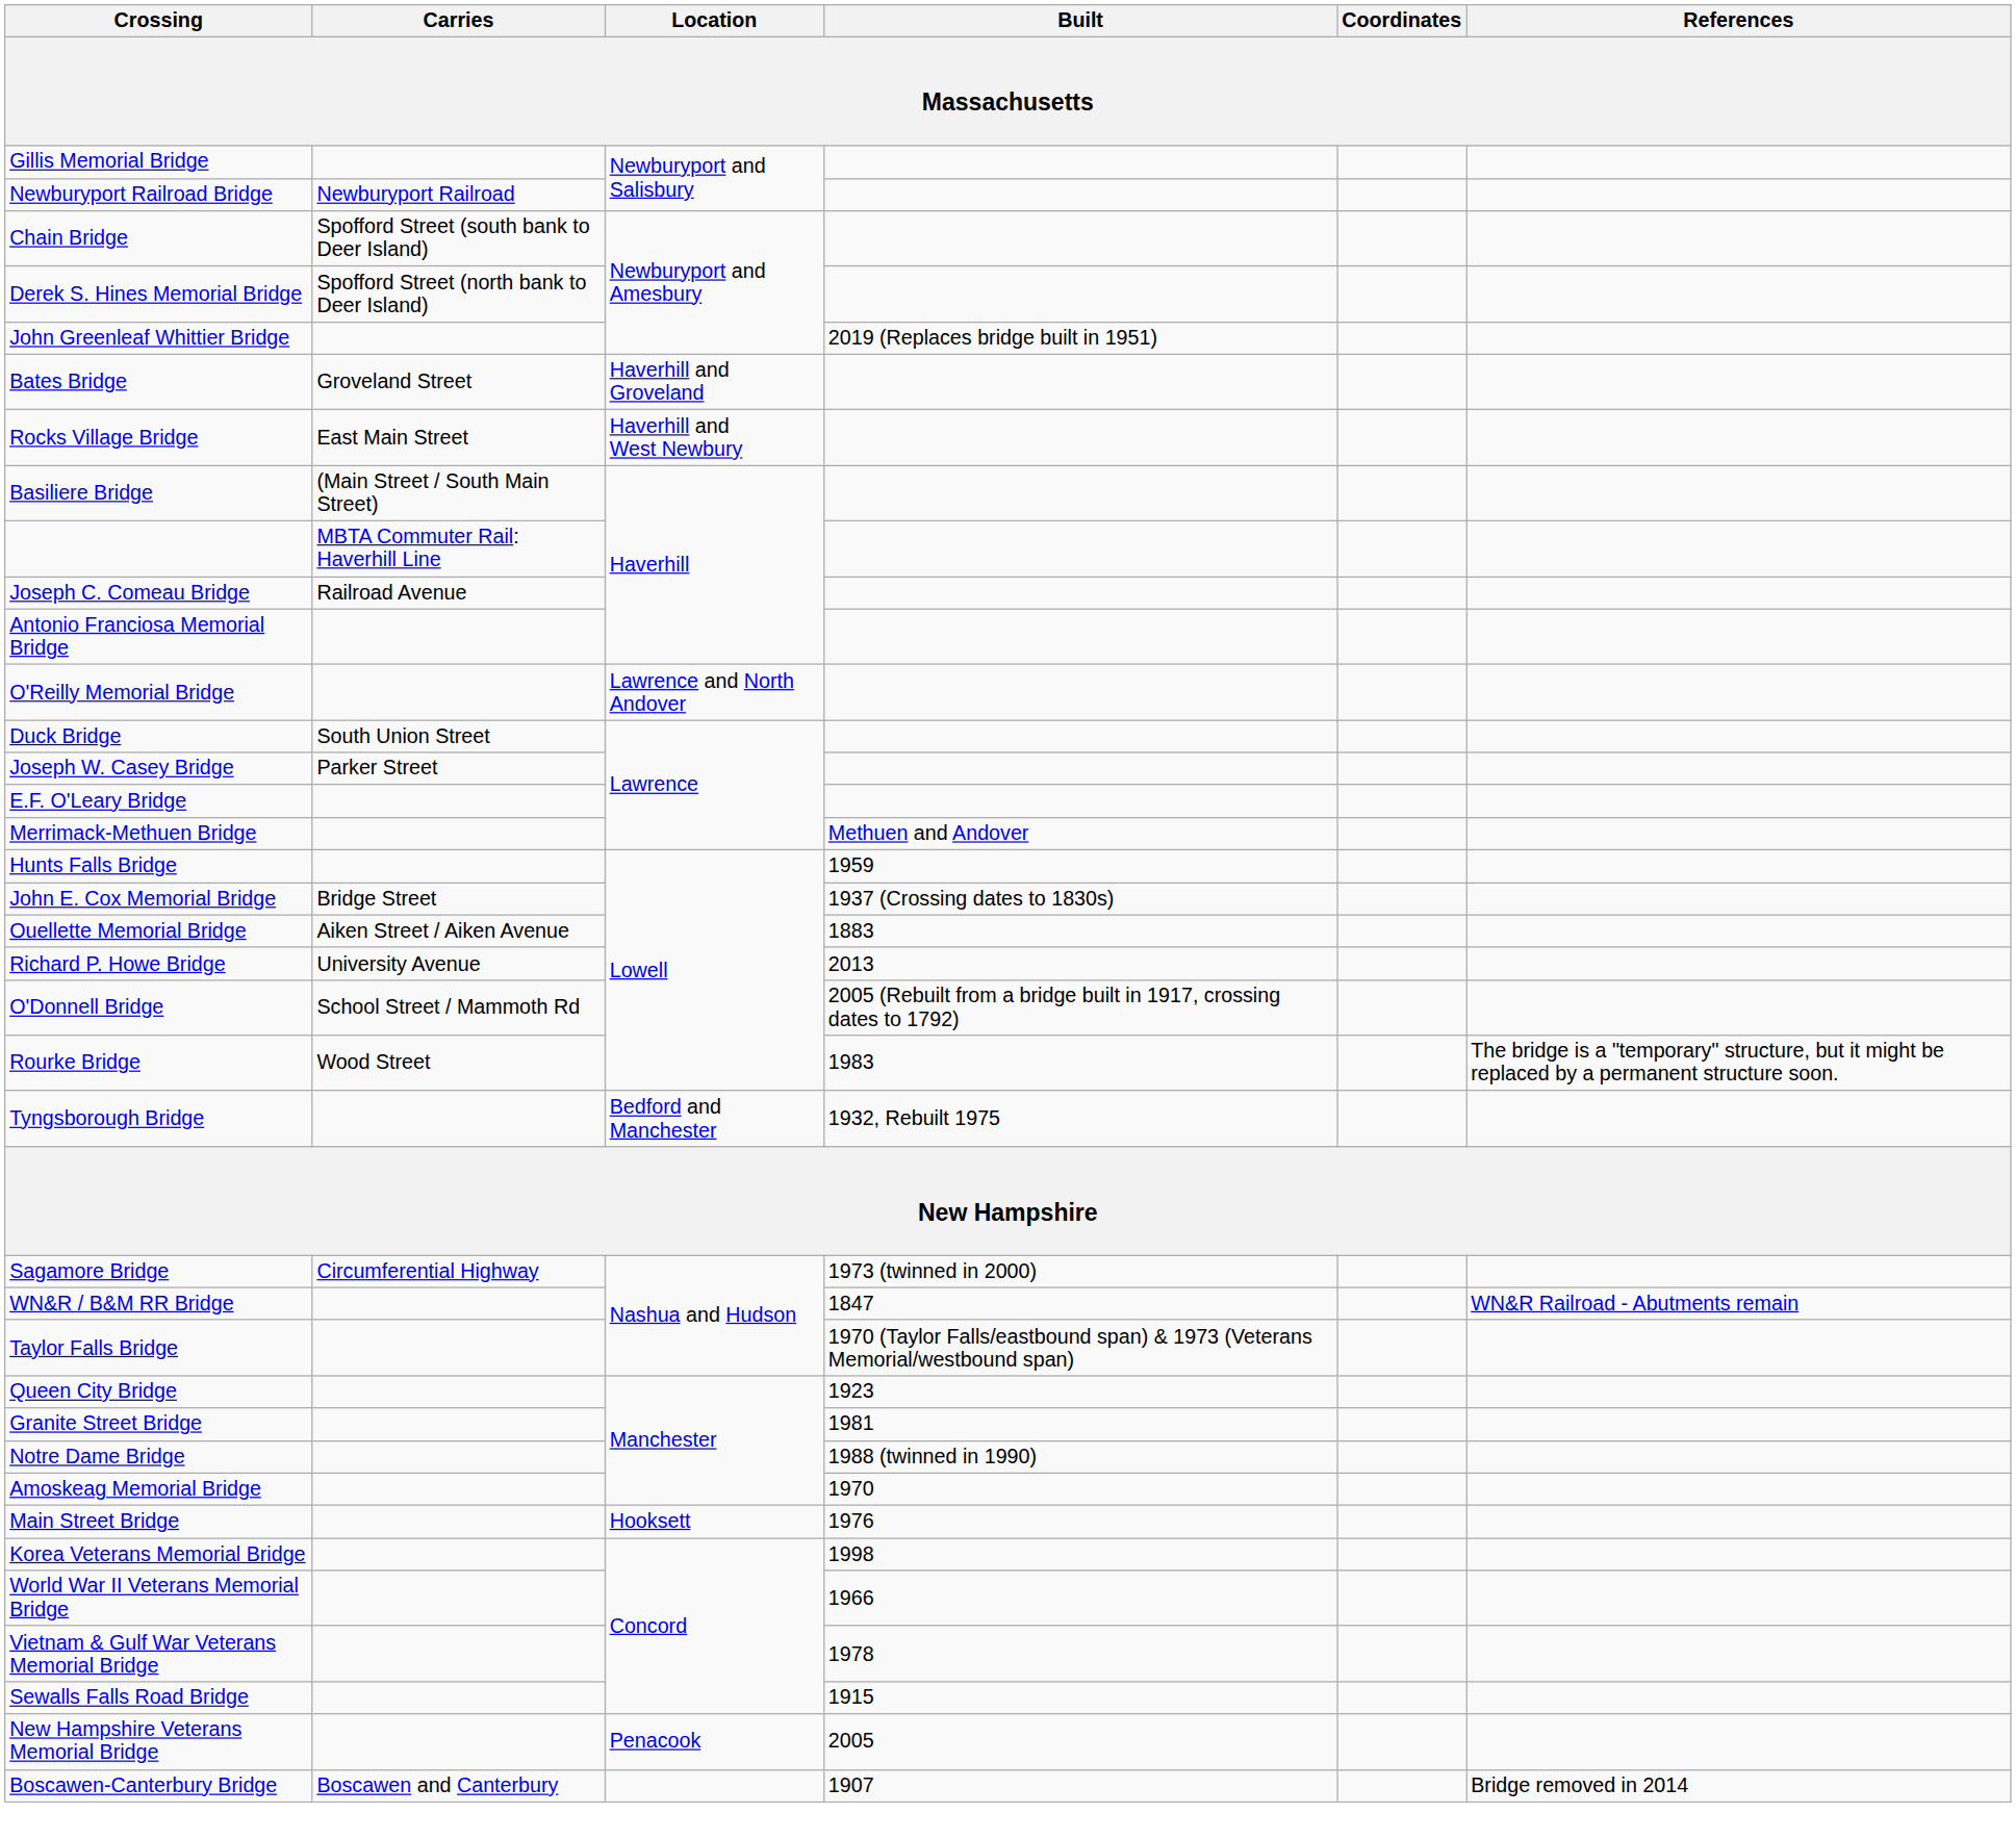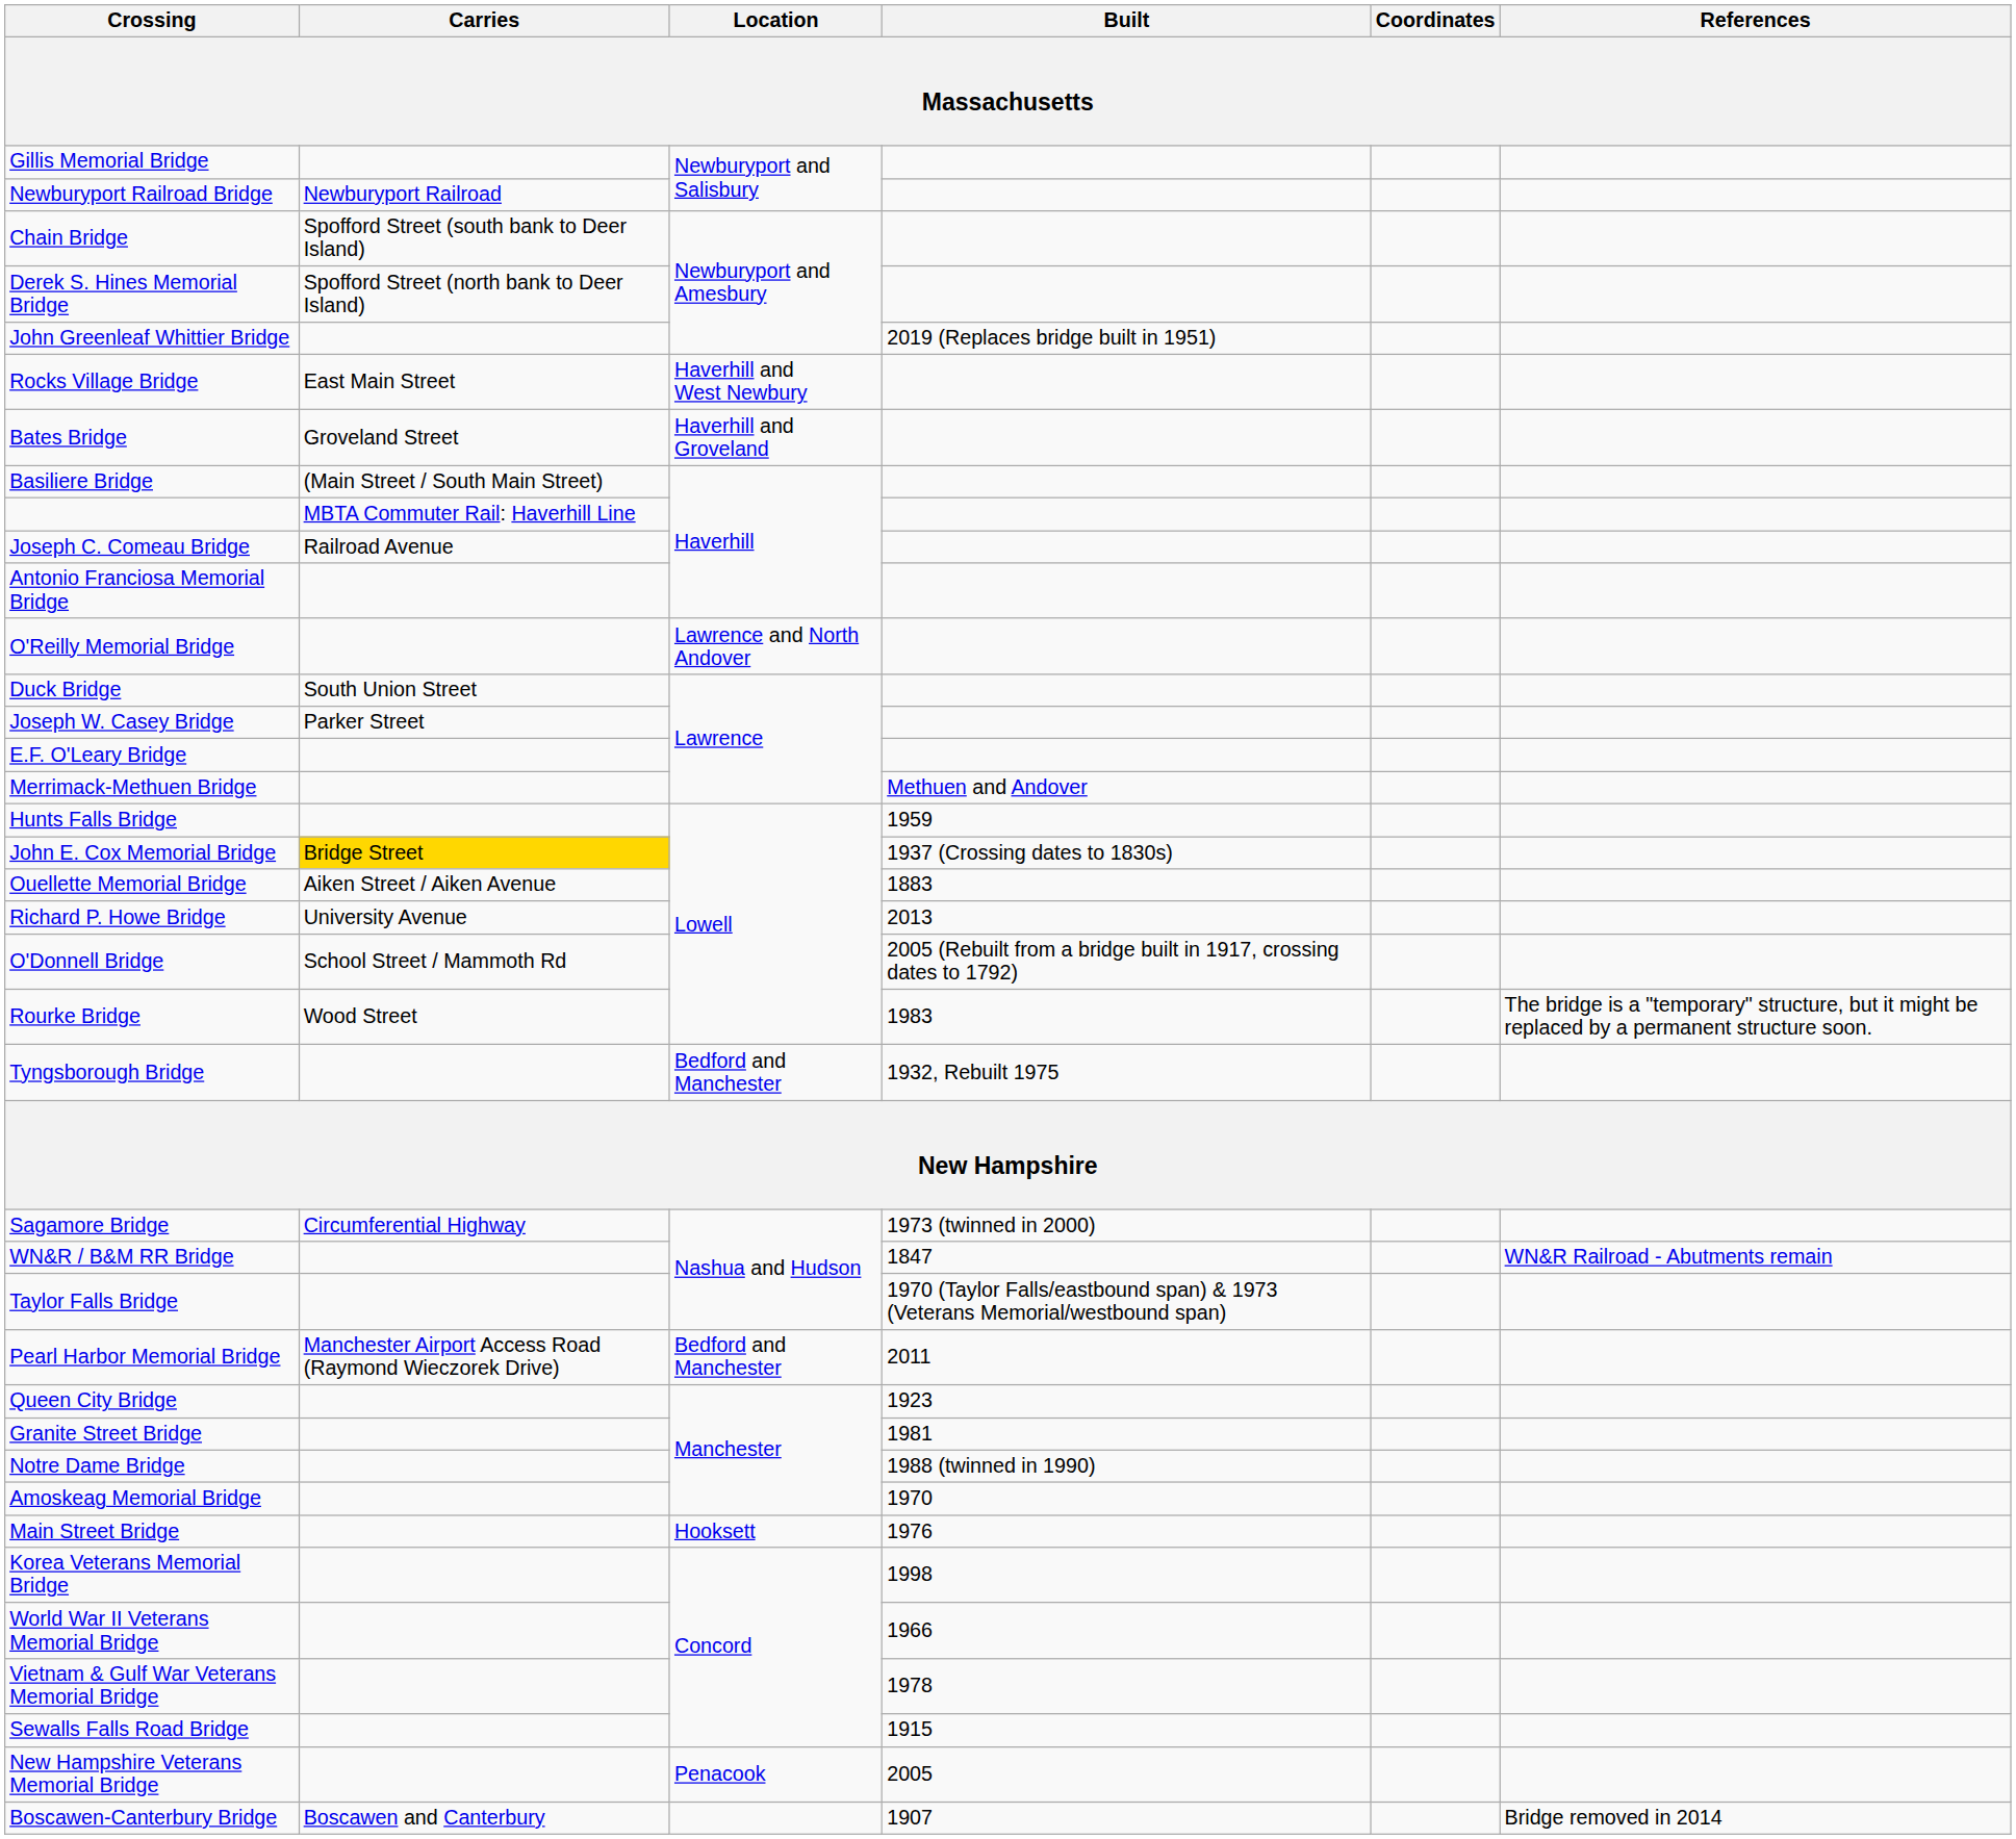 <table class=wikitable>
 <tr>
 <th>Crossing</th>
 <th>Carries</th>
 <th>Location</th>
 <th>Built</th>
 <th>Coordinates</th>
 <th>References</th>
 </tr>
 <tr>
 <th colspan=6><br><h3>Massachusetts</h3></th>
 </tr>
 <tr>
 <td><a href='#'>Gillis Memorial Bridge</a></td>
 <td></td>
 <td rowspan=2><a href='#'>Newburyport</a> and <a href='#'>Salisbury</a></td>
 <td></td>
 <td></td>
 <td></td>
 </tr>
 <tr>
 <td><a href='#'>Newburyport Railroad Bridge</a></td>
 <td><a href='#'>Newburyport Railroad</a></td>
 <td></td>
 <td></td>
 <td></td>
 </tr>
 <tr>
 <td><a href='#'>Chain Bridge</a></td>
 <td>Spofford Street (south bank to Deer Island)</td>
 <td rowspan=3><a href='#'>Newburyport</a> and <a href='#'>Amesbury</a></td>
 <td></td>
 <td></td>
 <td></td>
 </tr>
 <tr>
 <td><a href='#'>Derek S. Hines Memorial Bridge</a></td>
 <td>Spofford Street (north bank to Deer Island)</td>
 <td></td>
 <td></td>
 <td></td>
 </tr>
 <tr>
 <td><a href='#'>John Greenleaf Whittier Bridge</a></td>
 <td></td>
 <td>2019 (Replaces bridge built in 1951)</td>
 <td></td>
 <td></td>
 </tr>
 <tr>
-<td><a href='#'>Bates Bridge</a></td>
-<td>Groveland Street</td>
-<td><a href='#'>Haverhill</a> and <a href='#'>Groveland</a></td>
+<td><a href='#'>Rocks Village Bridge</a></td>
+<td>East Main Street</td>
+<td><a href='#'>Haverhill</a> and <a href='#'>West Newbury</a></td>
 <td></td>
 <td></td>
 <td></td>
 </tr>
 <tr>
-<td><a href='#'>Rocks Village Bridge</a></td>
-<td>East Main Street</td>
-<td><a href='#'>Haverhill</a> and <a href='#'>West Newbury</a></td>
+<td><a href='#'>Bates Bridge</a></td>
+<td>Groveland Street</td>
+<td><a href='#'>Haverhill</a> and <a href='#'>Groveland</a></td>
 <td></td>
 <td></td>
 <td></td>
 </tr>
 <tr>
 <td><a href='#'>Basiliere Bridge</a></td>
 <td> (Main Street / South Main Street)</td>
 <td rowspan=4><a href='#'>Haverhill</a></td>
 <td></td>
 <td></td>
 <td></td>
 </tr>
 <tr>
 <td></td>
 <td><a href='#'>MBTA Commuter Rail</a>: <a href='#'>Haverhill Line</a></td>
 <td></td>
 <td></td>
 <td></td>
 </tr>
 <tr>
 <td><a href='#'>Joseph C. Comeau Bridge</a></td>
 <td>Railroad Avenue</td>
 <td></td>
 <td></td>
 <td></td>
 </tr>
 <tr>
 <td><a href='#'>Antonio Franciosa Memorial Bridge</a></td>
 <td></td>
 <td></td>
 <td></td>
 <td></td>
 </tr>
 <tr>
 <td><a href='#'>O'Reilly Memorial Bridge</a></td>
 <td></td>
 <td><a href='#'>Lawrence</a> and <a href='#'>North Andover</a></td>
 <td></td>
 <td></td>
 <td></td>
 </tr>
 <tr>
 <td><a href='#'>Duck Bridge</a></td>
 <td>South Union Street</td>
 <td rowspan=4><a href='#'>Lawrence</a></td>
 <td></td>
 <td></td>
 <td></td>
 </tr>
 <tr>
 <td><a href='#'>Joseph W. Casey Bridge</a></td>
 <td>Parker Street</td>
 <td></td>
 <td></td>
 <td></td>
 </tr>
 <tr>
 <td><a href='#'>E.F. O'Leary Bridge</a></td>
 <td></td>
 <td></td>
 <td></td>
 <td></td>
 </tr>
 <tr>
 <td><a href='#'>Merrimack-Methuen Bridge</a></td>
 <td></td>
 <td><a href='#'>Methuen</a> and <a href='#'>Andover</a></td>
 <td></td>
 <td></td>
 </tr>
 <tr>
 <td><a href='#'>Hunts Falls Bridge</a></td>
 <td></td>
 <td rowspan=6><a href='#'>Lowell</a></td>
 <td>1959</td>
 <td></td>
 <td></td>
 </tr>
 <tr>
 <td><a href='#'>John E. Cox Memorial Bridge</a></td>
-<td>Bridge Street</td>
+<td style="background: gold;">Bridge Street</td>
 <td>1937 (Crossing dates to 1830s)</td>
 <td></td>
 <td></td>
 </tr>
 <tr>
 <td><a href='#'>Ouellette Memorial Bridge</a></td>
 <td>Aiken Street / Aiken Avenue</td>
 <td>1883</td>
 <td></td>
 <td></td>
 </tr>
 <tr>
 <td><a href='#'>Richard P. Howe Bridge</a></td>
 <td>University Avenue</td>
 <td>2013</td>
 <td></td>
 <td></td>
 </tr>
 <tr>
 <td><a href='#'>O'Donnell Bridge</a></td>
 <td>School Street / Mammoth Rd</td>
 <td>2005 (Rebuilt from a bridge built in 1917, crossing dates to 1792)</td>
 <td></td>
 <td></td>
 </tr>
 <tr>
 <td><a href='#'>Rourke Bridge</a></td>
 <td>Wood Street</td>
 <td>1983</td>
 <td></td>
 <td>The bridge is a "temporary" structure, but it might be replaced by a permanent structure soon.</td>
 </tr>
 <tr>
 <td><a href='#'>Tyngsborough Bridge</a></td>
 <td></td>
 <td><a href='#'>Bedford</a> and <a href='#'>Manchester</a></td>
 <td>1932, Rebuilt 1975</td>
 <td></td>
 <td></td>
 </tr>
 <tr>
 <th colspan=6><br><h3>New Hampshire</h3></th>
 </tr>
 <tr>
 <td><a href='#'>Sagamore Bridge</a></td>
 <td><a href='#'>Circumferential Highway</a></td>
 <td rowspan=3><a href='#'>Nashua</a> and <a href='#'>Hudson</a></td>
 <td>1973 (twinned in 2000)</td>
 <td></td>
 <td></td>
 </tr>
 <tr>
 <td><a href='#'>WN&R / B&M RR Bridge</a></td>
 <td></td>
 <td>1847</td>
 <td></td>
 <td><a href='#'>WN&R Railroad - Abutments remain</a></td>
 </tr>
 <tr>
 <td><a href='#'>Taylor Falls Bridge</a></td>
 <td></td>
 <td>1970 (Taylor Falls/eastbound span) & 1973 (Veterans Memorial/westbound span)</td>
+<td></td>
+<td></td>
+</tr>
+<tr>
+<td><a href='#'>Pearl Harbor Memorial Bridge</a></td>
+<td><a href='#'>Manchester Airport</a> Access Road (Raymond Wieczorek Drive)</td>
+<td><a href='#'>Bedford</a> and <a href='#'>Manchester</a></td>
+<td>2011</td>
 <td></td>
 <td></td>
 </tr>
 <tr>
 <td><a href='#'>Queen City Bridge</a></td>
 <td></td>
 <td rowspan=4><a href='#'>Manchester</a></td>
 <td>1923</td>
 <td></td>
 <td></td>
 </tr>
 <tr>
 <td><a href='#'>Granite Street Bridge</a></td>
 <td></td>
 <td>1981</td>
 <td></td>
 <td></td>
 </tr>
 <tr>
 <td><a href='#'>Notre Dame Bridge</a></td>
 <td></td>
 <td>1988 (twinned in 1990)</td>
 <td></td>
 <td></td>
 </tr>
 <tr>
 <td><a href='#'>Amoskeag Memorial Bridge</a></td>
 <td></td>
 <td>1970</td>
 <td></td>
 <td></td>
 </tr>
 <tr>
 <td><a href='#'>Main Street Bridge</a></td>
 <td></td>
 <td><a href='#'>Hooksett</a></td>
 <td>1976</td>
 <td></td>
 <td></td>
 </tr>
 <tr>
 <td><a href='#'>Korea Veterans Memorial Bridge</a></td>
 <td></td>
 <td rowspan=4><a href='#'>Concord</a></td>
 <td>1998</td>
 <td></td>
 <td></td>
 </tr>
 <tr>
 <td><a href='#'>World War II Veterans Memorial Bridge</a></td>
 <td></td>
 <td>1966</td>
 <td></td>
 <td></td>
 </tr>
 <tr>
 <td><a href='#'>Vietnam & Gulf War Veterans Memorial Bridge</a></td>
 <td></td>
 <td>1978</td>
 <td></td>
 <td></td>
 </tr>
 <tr>
 <td><a href='#'>Sewalls Falls Road Bridge</a></td>
 <td></td>
 <td>1915</td>
 <td></td>
 <td></td>
 </tr>
 <tr>
 <td><a href='#'>New Hampshire Veterans Memorial Bridge</a></td>
 <td></td>
 <td><a href='#'>Penacook</a></td>
 <td>2005</td>
 <td></td>
 <td></td>
 </tr>
 <tr>
 <td><a href='#'>Boscawen-Canterbury Bridge</a></td>
 <td><a href='#'>Boscawen</a> and <a href='#'>Canterbury</a></td>
 <td></td>
 <td>1907</td>
 <td></td>
 <td>Bridge removed in 2014</td>
 </tr>
 </table>
